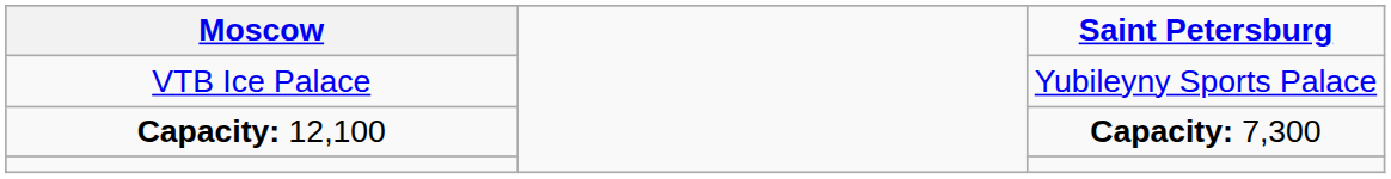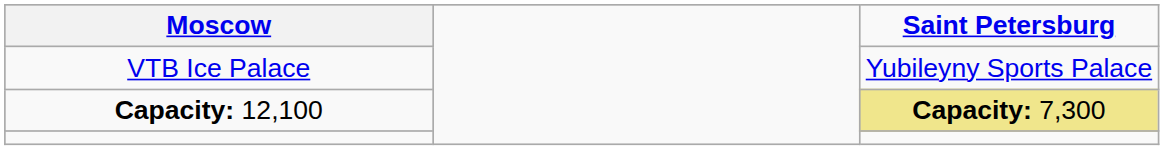 <table class="wikitable" style="text-align:center;margin:1em auto;">
 <tr>
 <th width="250"> <a href='#'>Moscow</a></th>
 <td width="250" rowspan="4"><br></td>
 <td> <strong><a href='#'>Saint Petersburg</a></strong></td>
 </tr>
 <tr>
 <td><a href='#'>VTB Ice Palace</a></td>
 <td><a href='#'>Yubileyny Sports Palace</a></td>
 </tr>
 <tr>
 <td><strong>Capacity:</strong> 12,100</td>
-<td><strong>Capacity: </strong>7,300</td>
+<td style="background: khaki;"><strong>Capacity: </strong>7,300</td>
 </tr>
 <tr>
 <td></td>
 <td></td>
 </tr>
 </table>
